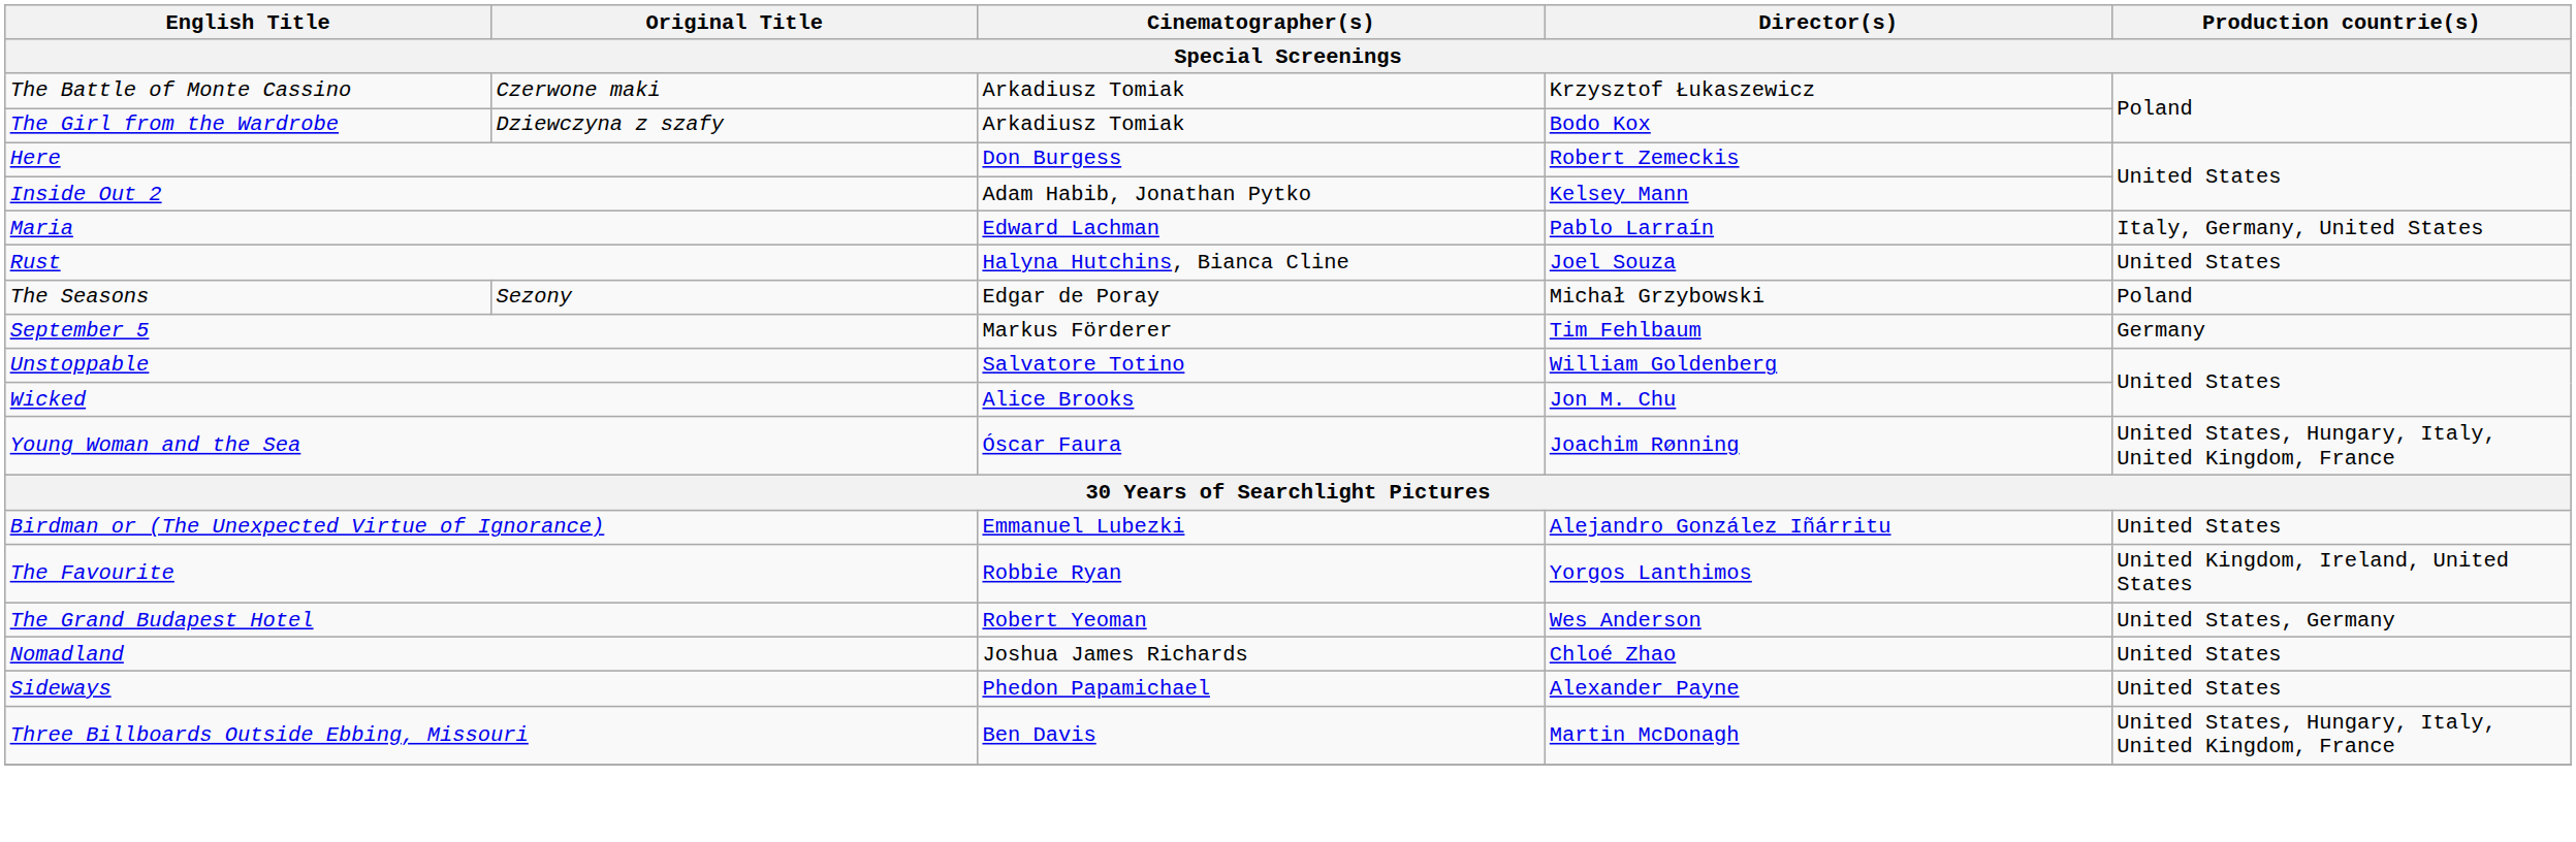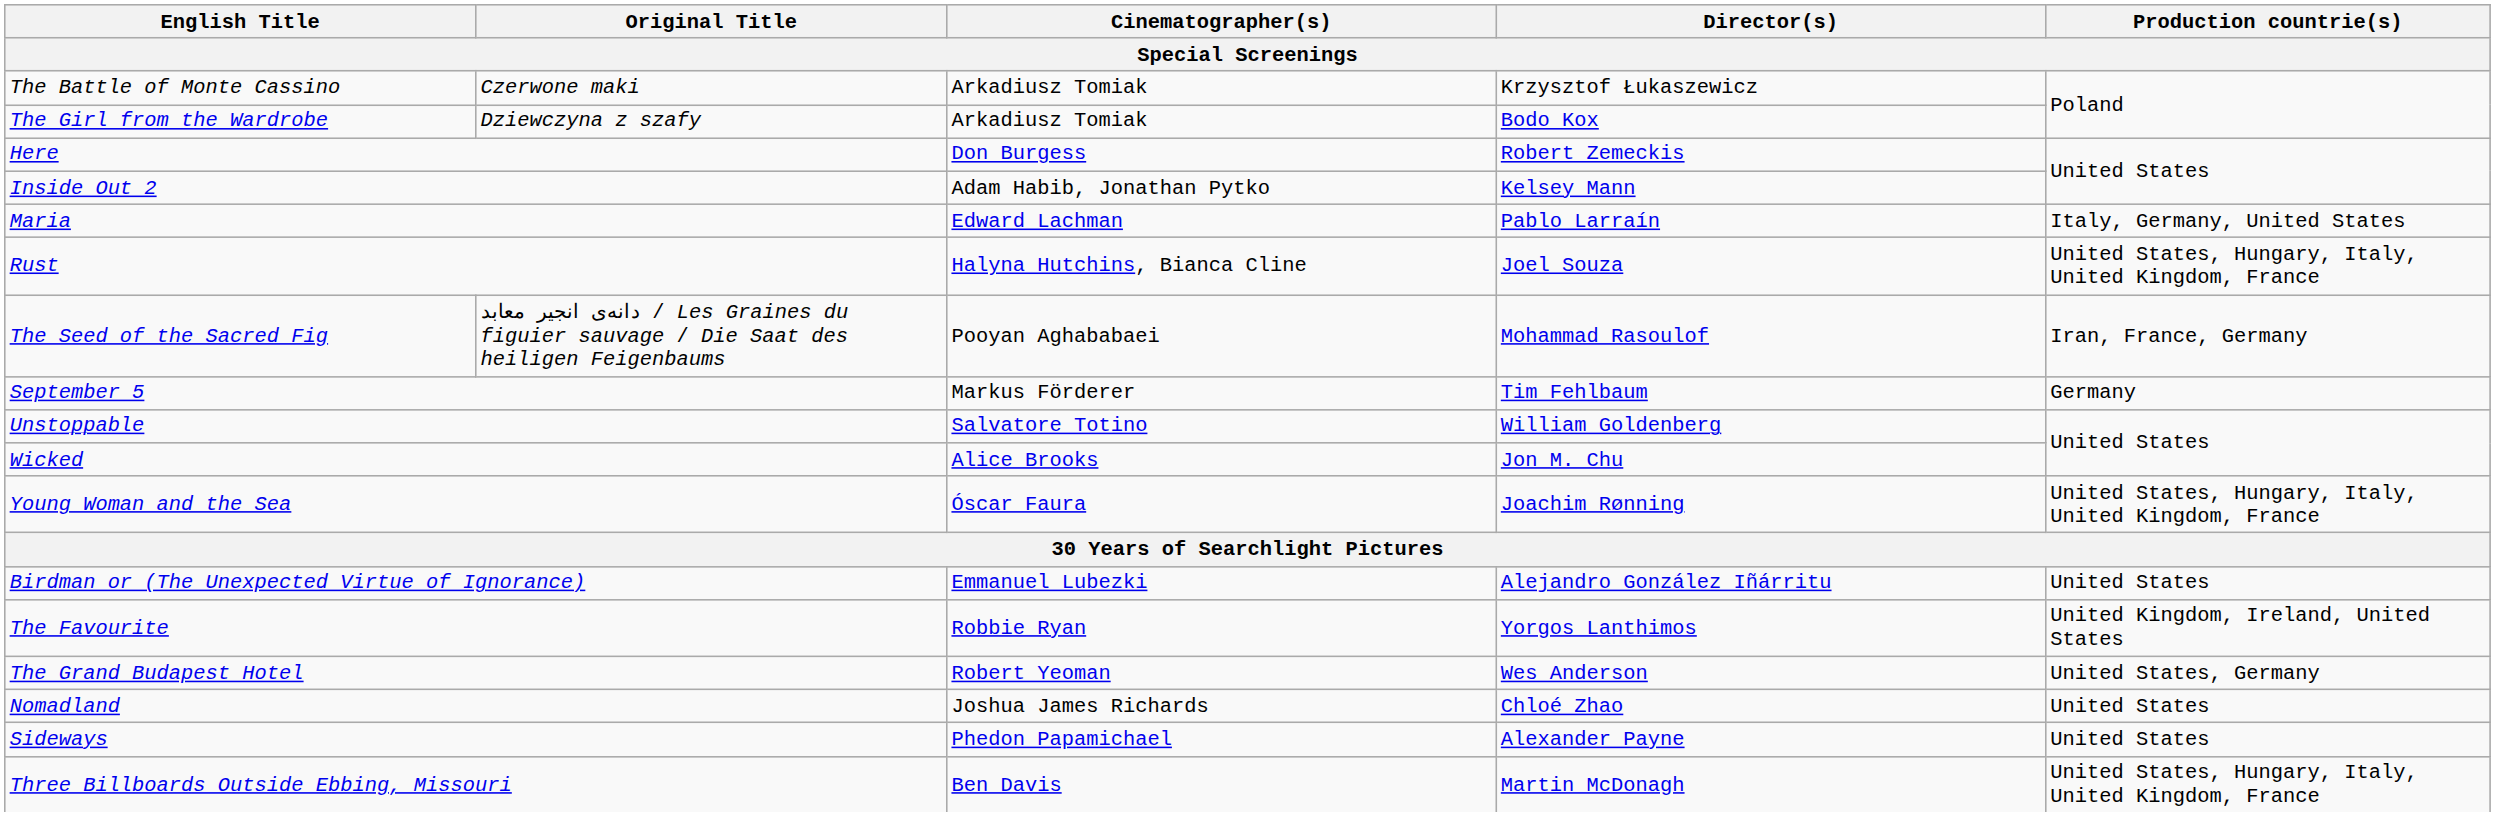 <table class="wikitable" style="width:100%; margin-bottom:4px">
 <tr>
 <th scope="col" width="18%">English Title</th>
 <th scope="col" width="18%">Original Title</th>
 <th scope="col" width="21%">Cinematographer(s)</th>
 <th scope="col" width="21%">Director(s)</th>
 <th scope="col" width="17%">Production countrie(s)</th>
 </tr>
 <tr>
 <th colspan="5">Special Screenings</th>
 </tr>
 <tr>
 <td><em>The Battle of Monte Cassino</em></td>
 <td><em>Czerwone maki</em></td>
 <td>Arkadiusz Tomiak</td>
 <td>Krzysztof Łukaszewicz</td>
 <td rowspan="2">Poland</td>
 </tr>
 <tr>
 <td><em><a href='#'>The Girl from the Wardrobe</a></em></td>
 <td><em>Dziewczyna z szafy</em></td>
 <td>Arkadiusz Tomiak</td>
 <td><a href='#'>Bodo Kox</a></td>
 </tr>
 <tr>
 <td colspan="2"><em><a href='#'>Here</a></em></td>
 <td><a href='#'>Don Burgess</a></td>
 <td><a href='#'>Robert Zemeckis</a></td>
 <td rowspan="2">United States</td>
 </tr>
 <tr>
 <td colspan="2"><em><a href='#'>Inside Out 2</a></em></td>
 <td>Adam Habib, Jonathan Pytko</td>
 <td><a href='#'>Kelsey Mann</a></td>
 </tr>
 <tr>
 <td colspan="2"><em><a href='#'>Maria</a></em></td>
 <td><a href='#'>Edward Lachman</a></td>
 <td><a href='#'>Pablo Larraín</a></td>
 <td>Italy, Germany, United States</td>
 </tr>
 <tr>
 <td colspan="2"><em><a href='#'>Rust</a></em> </td>
 <td><a href='#'>Halyna Hutchins</a>, Bianca Cline</td>
 <td><a href='#'>Joel Souza</a></td>
-<td>United States</td>
+<td>United States, Hungary, Italy, United Kingdom, France</td>
 </tr>
 <tr>
-<td><em>The Seasons</em></td>
-<td><em>Sezony</em></td>
-<td>Edgar de Poray</td>
-<td>Michał Grzybowski</td>
-<td>Poland</td>
+<td><em><a href='#'>The Seed of the Sacred Fig</a></em></td>
+<td>دانه‌ی انجیر معابد / <em>Les Graines du figuier sauvage</em> / <em>Die Saat des heiligen Feigenbaums</em></td>
+<td>Pooyan Aghababaei</td>
+<td><a href='#'>Mohammad Rasoulof</a></td>
+<td>Iran, France, Germany</td>
 </tr>
 <tr>
 <td colspan="2"><em><a href='#'>September 5</a></em></td>
 <td>Markus Förderer</td>
 <td><a href='#'>Tim Fehlbaum</a></td>
 <td>Germany</td>
 </tr>
 <tr>
 <td colspan="2"><em><a href='#'>Unstoppable</a></em></td>
 <td><a href='#'>Salvatore Totino</a></td>
 <td><a href='#'>William Goldenberg</a></td>
 <td rowspan="2">United States</td>
 </tr>
 <tr>
 <td colspan="2"><em><a href='#'>Wicked</a></em> </td>
 <td><a href='#'>Alice Brooks</a></td>
 <td><a href='#'>Jon M. Chu</a></td>
 </tr>
 <tr>
 <td colspan="2"><em><a href='#'>Young Woman and the Sea</a></em></td>
 <td><a href='#'>Óscar Faura</a></td>
 <td><a href='#'>Joachim Rønning</a></td>
 <td>United States, Hungary, Italy, United Kingdom, France</td>
 </tr>
 <tr>
 <th colspan="5">30 Years of Searchlight Pictures</th>
 </tr>
 <tr>
 <td colspan="2"><em><a href='#'>Birdman or (The Unexpected Virtue of Ignorance)</a></em></td>
 <td><a href='#'>Emmanuel Lubezki</a></td>
 <td><a href='#'>Alejandro González Iñárritu</a></td>
 <td>United States</td>
 </tr>
 <tr>
 <td colspan="2"><em><a href='#'>The Favourite</a></em></td>
 <td><a href='#'>Robbie Ryan</a></td>
 <td><a href='#'>Yorgos Lanthimos</a></td>
 <td>United Kingdom, Ireland, United States</td>
 </tr>
 <tr>
 <td colspan="2"><em><a href='#'>The Grand Budapest Hotel</a></em></td>
 <td><a href='#'>Robert Yeoman</a></td>
 <td><a href='#'>Wes Anderson</a></td>
 <td>United States, Germany</td>
 </tr>
 <tr>
 <td colspan="2"><em><a href='#'>Nomadland</a></em></td>
 <td>Joshua James Richards</td>
 <td><a href='#'>Chloé Zhao</a></td>
 <td>United States</td>
 </tr>
 <tr>
 <td colspan="2"><em><a href='#'>Sideways</a></em></td>
 <td><a href='#'>Phedon Papamichael</a></td>
 <td><a href='#'>Alexander Payne</a></td>
 <td>United States</td>
 </tr>
 <tr>
 <td colspan="2"><em><a href='#'>Three Billboards Outside Ebbing, Missouri</a></em></td>
 <td><a href='#'>Ben Davis</a></td>
 <td><a href='#'>Martin McDonagh</a></td>
 <td>United States, Hungary, Italy, United Kingdom, France</td>
 </tr>
 <tr>
 </tr>
 </table>
